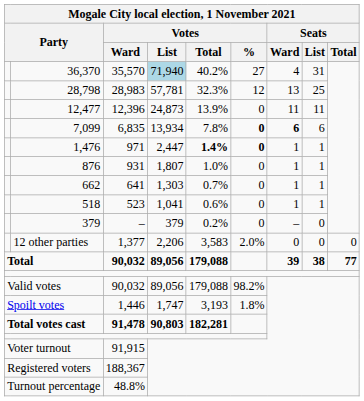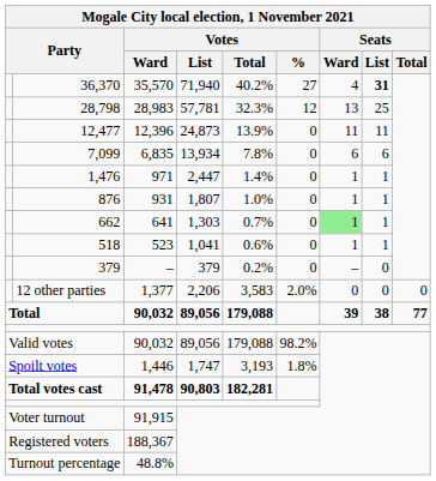 <table class=wikitable style="text-align:right">
 <tr>
 <th colspan="9" align="center">Mogale City local election, 1 November 2021</th>
 </tr>
 <tr>
 <th rowspan="2" colspan="2">Party</th>
 <th colspan="4" align="center">Votes</th>
 <th colspan="3" align="center">Seats</th>
 </tr>
 <tr>
 <th>Ward</th>
 <th>List</th>
 <th>Total</th>
 <th>%</th>
 <th>Ward</th>
 <th>List</th>
 <th>Total</th>
 </tr>
 <tr>
 <td></td>
 <td>36,370</td>
 <td>35,570</td>
-<td style="background: lightblue;">71,940</td>
+<td>71,940</td>
 <td>40.2%</td>
 <td>27</td>
 <td>4</td>
-<td>31</td>
+<td><strong>31</strong></td>
 </tr>
 <tr>
 <td></td>
 <td>28,798</td>
 <td>28,983</td>
 <td>57,781</td>
 <td>32.3%</td>
 <td>12</td>
 <td>13</td>
 <td>25</td>
 </tr>
 <tr>
 <td></td>
 <td>12,477</td>
 <td>12,396</td>
 <td>24,873</td>
 <td>13.9%</td>
 <td>0</td>
 <td>11</td>
 <td>11</td>
 </tr>
 <tr>
 <td></td>
 <td>7,099</td>
 <td>6,835</td>
 <td>13,934</td>
 <td>7.8%</td>
-<td><strong>0</strong></td>
-<td><strong>6</strong></td>
+<td>0</td>
+<td>6</td>
 <td>6</td>
 </tr>
 <tr>
 <td></td>
 <td>1,476</td>
 <td>971</td>
 <td>2,447</td>
-<td><strong>1.4%</strong></td>
-<td><strong>0</strong></td>
+<td>1.4%</td>
+<td>0</td>
 <td>1</td>
 <td>1</td>
 </tr>
 <tr>
 <td></td>
 <td>876</td>
 <td>931</td>
 <td>1,807</td>
 <td>1.0%</td>
 <td>0</td>
 <td>1</td>
 <td>1</td>
 </tr>
 <tr>
 <td></td>
 <td>662</td>
 <td>641</td>
 <td>1,303</td>
 <td>0.7%</td>
 <td>0</td>
-<td>1</td>
+<td style="background: lightgreen;">1</td>
 <td>1</td>
 </tr>
 <tr>
 <td></td>
 <td>518</td>
 <td>523</td>
 <td>1,041</td>
 <td>0.6%</td>
 <td>0</td>
 <td>1</td>
 <td>1</td>
 </tr>
 <tr>
 <td></td>
 <td>379</td>
 <td>–</td>
 <td>379</td>
 <td>0.2%</td>
 <td>0</td>
 <td>–</td>
 <td>0</td>
 </tr>
 <tr>
 <td></td>
 <td style="text-align:left">12 other parties</td>
 <td>1,377</td>
 <td>2,206</td>
 <td>3,583</td>
 <td>2.0%</td>
 <td>0</td>
 <td>0</td>
 <td>0</td>
 </tr>
 <tr>
 <td colspan="2" style="text-align:left"><strong>Total</strong></td>
 <td><strong>90,032</strong></td>
 <td><strong>89,056</strong></td>
 <td><strong>179,088</strong></td>
 <td></td>
 <td><strong>39</strong></td>
 <td><strong>38</strong></td>
 <td><strong>77</strong></td>
 </tr>
 <tr>
 <td colspan="9"></td>
 </tr>
 <tr>
 <td colspan="2" style="text-align:left">Valid votes</td>
 <td>90,032</td>
 <td>89,056</td>
 <td>179,088</td>
 <td>98.2%</td>
 </tr>
 <tr>
 <td colspan="2" style="text-align:left"><a href='#'>Spoilt votes</a></td>
 <td>1,446</td>
 <td>1,747</td>
 <td>3,193</td>
 <td>1.8%</td>
 </tr>
 <tr>
 <td colspan="2" style="text-align:left"><strong>Total votes cast</strong></td>
 <td><strong>91,478</strong></td>
 <td><strong>90,803</strong></td>
 <td><strong>182,281</strong></td>
 <td></td>
 </tr>
 <tr>
 <td colspan="6"></td>
 </tr>
 <tr>
 <td colspan="2" style="text-align:left">Voter turnout</td>
 <td>91,915</td>
 </tr>
 <tr>
 <td colspan="2" style="text-align:left">Registered voters</td>
 <td>188,367</td>
 </tr>
 <tr>
 <td colspan="2" style="text-align:left">Turnout percentage</td>
 <td>48.8%</td>
 </tr>
 </table>
